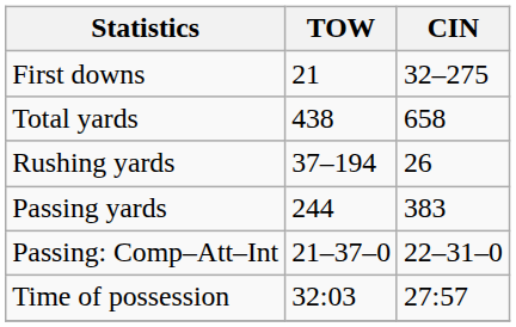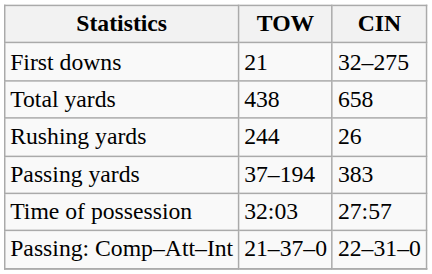 <table class="wikitable" style="float: left;">
 <tr>
 <th>Statistics</th>
 <th>TOW</th>
 <th>CIN</th>
 </tr>
 <tr>
 <td>First downs</td>
 <td>21</td>
 <td>32–275</td>
 </tr>
 <tr>
 <td>Total yards</td>
 <td>438</td>
 <td>658</td>
 </tr>
 <tr>
 <td>Rushing yards</td>
-<td>37–194</td>
+<td>244</td>
 <td>26</td>
 </tr>
 <tr>
 <td>Passing yards</td>
-<td>244</td>
+<td>37–194</td>
 <td>383</td>
+</tr>
+<tr>
+<td>Time of possession</td>
+<td>32:03</td>
+<td>27:57</td>
 </tr>
 <tr>
 <td>Passing: Comp–Att–Int</td>
 <td>21–37–0</td>
 <td>22–31–0</td>
 </tr>
 <tr>
-<td>Time of possession</td>
-<td>32:03</td>
-<td>27:57</td>
-</tr>
-<tr>
 </tr>
 </table>
